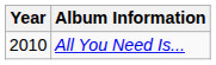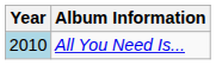 <table class="wikitable">
 <tr>
 <th rowspan="1">Year</th>
 <th rowspan="1">Album Information</th>
 </tr>
 <tr>
-<td align="center">2010</td>
+<td align="center" style="background: lightblue;">2010</td>
 <td><em><a href='#'>All You Need Is...</a></em><br></td>
 </tr>
 </table>
